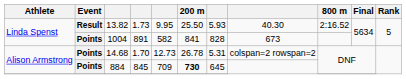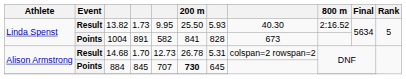 <table class=wikitable style=font-size:90%;text-align:center>
 <tr>
 <th>Athlete</th>
 <th>Event</th>
 <th></th>
 <th></th>
 <th></th>
 <th>200 m</th>
 <th></th>
 <th></th>
 <th>800 m</th>
 <th>Final</th>
 <th>Rank</th>
 </tr>
 <tr>
 <td align=left rowspan=2><a href='#'>Linda Spenst</a></td>
 <th style=font-size:95%>Result</th>
 <td>13.82</td>
 <td>1.73</td>
 <td>9.95</td>
 <td>25.50</td>
 <td>5.93</td>
 <td>40.30</td>
 <td>2:16.52</td>
 <td rowspan=2>5634</td>
 <td rowspan=2>5</td>
 </tr>
 <tr>
 <th style=font-size:95%>Points</th>
 <td>1004</td>
 <td>891</td>
 <td>582</td>
 <td>841</td>
 <td>828</td>
 <td>673</td>
 </tr>
 <tr>
 <td align=left rowspan=2><a href='#'>Alison Armstrong</a></td>
-<th style=font-size:95%>Points</th>
+<th style=font-size:95%>Result</th>
 <td>14.68</td>
 <td>1.70</td>
 <td>12.73</td>
 <td>26.78</td>
 <td>5.31</td>
 <td>colspan=2 rowspan=2 </td>
 <td colspan=2 rowspan=2>DNF</td>
 </tr>
 <tr>
 <th style=font-size:95%>Points</th>
 <td>884</td>
 <td>845</td>
-<td>709</td>
+<td>707</td>
 <td><strong>730</strong></td>
 <td>645</td>
 </tr>
 <tr>
 </tr>
 </table>
